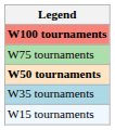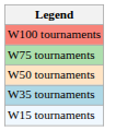 <table class="wikitable" style=font-size:85%>
 <tr>
 <th>Legend</th>
 </tr>
 <tr style="background:#f88379;">
-<td><strong>W100 tournaments</strong></td>
+<td>W100 tournaments</td>
 </tr>
 <tr style="background:#addfad;">
 <td>W75 tournaments</td>
 </tr>
 <tr style="background:#ffe4c4;">
-<td><strong>W50 tournaments</strong></td>
+<td>W50 tournaments</td>
 </tr>
 <tr style="background:lightblue;">
 <td>W35 tournaments</td>
 </tr>
 <tr style="background:#f0f8ff;">
 <td>W15 tournaments</td>
 </tr>
 </table>
